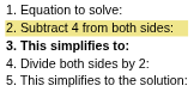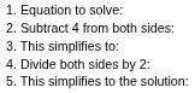 <table>
 <tr>
 <td>1. Equation to solve:</td>
 <td></td>
 </tr>
 <tr>
-<td style="background: khaki;">2. Subtract 4 from both sides:</td>
+<td>2. Subtract 4 from both sides:</td>
 <td></td>
 </tr>
 <tr>
-<td><strong>3. This simplifies to:</strong></td>
+<td>3. This simplifies to:</td>
 <td></td>
 </tr>
 <tr>
 <td>4. Divide both sides by 2:</td>
 <td></td>
 </tr>
 <tr>
 <td>5. This simplifies to the solution:</td>
 <td></td>
 </tr>
 </table>
